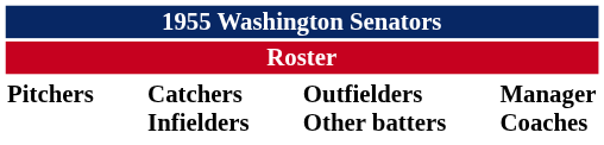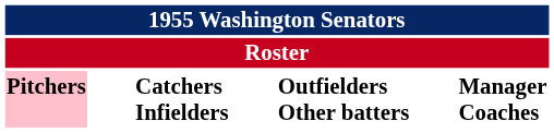 <table class="toccolours" style="font-size: 95%;">
 <tr>
 <th colspan="10" style="background-color: #072764; color: white; text-align: center;">1955 Washington Senators</th>
 </tr>
 <tr>
 <td colspan="10" style="background-color: #c6011f; color: white; text-align: center;"><strong>Roster</strong></td>
 </tr>
 <tr>
-<td valign="top"><strong>Pitchers</strong><br>              </td>
+<td valign="top" style="background: pink;"><strong>Pitchers</strong><br>              </td>
 <td width="25px"></td>
 <td valign="top"><strong>Catchers</strong><br>     <strong>Infielders</strong>          </td>
 <td width="25px"></td>
 <td valign="top"><strong>Outfielders</strong><br>        <strong>Other batters</strong>  </td>
 <td width="25px"></td>
 <td valign="top"><strong>Manager</strong><br> <strong>Coaches</strong>     </td>
 </tr>
 <tr>
 </tr>
 </table>
